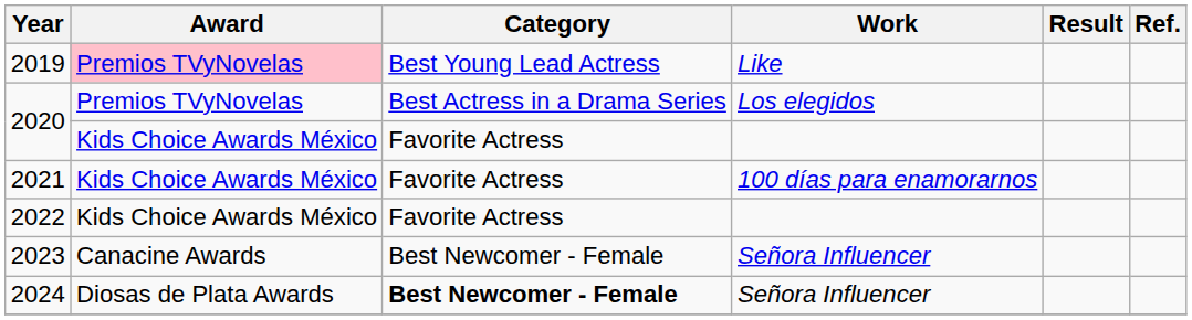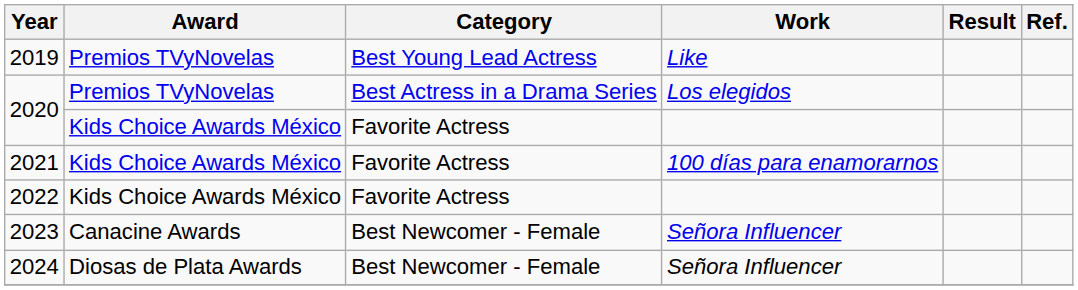 <table class="wikitable">
 <tr>
 <th>Year</th>
 <th>Award</th>
 <th>Category</th>
 <th>Work</th>
 <th>Result</th>
 <th>Ref.</th>
 </tr>
 <tr>
 <td>2019</td>
-<td style="background: pink;"><a href='#'>Premios TVyNovelas</a></td>
+<td><a href='#'>Premios TVyNovelas</a></td>
 <td><a href='#'>Best Young Lead Actress</a></td>
 <td><em><a href='#'>Like</a></em></td>
 <td></td>
 <td></td>
 </tr>
 <tr>
 <td rowspan="2">2020</td>
 <td><a href='#'>Premios TVyNovelas</a></td>
 <td><a href='#'>Best Actress in a Drama Series</a></td>
 <td><em><a href='#'>Los elegidos</a></em></td>
 <td></td>
 <td></td>
 </tr>
 <tr>
 <td><a href='#'>Kids Choice Awards México</a></td>
 <td>Favorite Actress</td>
 <td></td>
 <td></td>
 <td></td>
 </tr>
 <tr>
 <td>2021</td>
 <td><a href='#'>Kids Choice Awards México</a></td>
 <td>Favorite Actress</td>
 <td><em><a href='#'>100 días para enamorarnos</a></em></td>
 <td></td>
 <td></td>
 </tr>
 <tr>
 <td>2022</td>
 <td>Kids Choice Awards México</td>
 <td>Favorite Actress</td>
 <td></td>
 <td></td>
 <td></td>
 </tr>
 <tr>
 <td>2023</td>
 <td>Canacine Awards</td>
 <td>Best Newcomer - Female</td>
 <td><em><a href='#'>Señora Influencer</a></em></td>
 <td></td>
 <td></td>
 </tr>
 <tr>
 <td>2024</td>
 <td>Diosas de Plata Awards</td>
-<td><strong>Best Newcomer - Female</strong></td>
+<td>Best Newcomer - Female</td>
 <td><em>Señora Influencer</em></td>
 <td></td>
 <td></td>
 </tr>
 <tr>
 </tr>
 </table>
